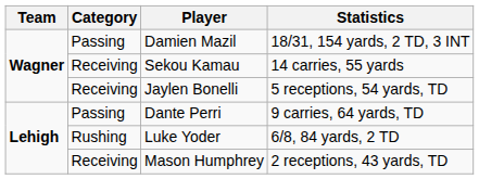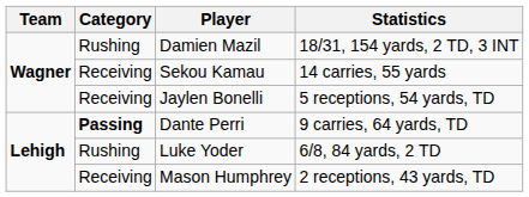 <table class="wikitable" style="float: right;">
 <tr>
 <th>Team</th>
 <th>Category</th>
 <th>Player</th>
 <th>Statistics</th>
 </tr>
 <tr>
 <td rowspan=3><strong>Wagner</strong></td>
-<td>Passing</td>
+<td>Rushing</td>
 <td>Damien Mazil</td>
 <td>18/31, 154 yards, 2 TD, 3 INT</td>
 </tr>
 <tr>
 <td>Receiving</td>
 <td>Sekou Kamau</td>
 <td>14 carries, 55 yards</td>
 </tr>
 <tr>
 <td>Receiving</td>
 <td>Jaylen Bonelli</td>
 <td>5 receptions, 54 yards, TD</td>
 </tr>
 <tr>
 <td rowspan=3><strong>Lehigh</strong></td>
-<td>Passing</td>
+<td><strong>Passing</strong></td>
 <td>Dante Perri</td>
 <td>9 carries, 64 yards, TD</td>
 </tr>
 <tr>
 <td>Rushing</td>
 <td>Luke Yoder</td>
 <td>6/8, 84 yards, 2 TD</td>
 </tr>
 <tr>
 <td>Receiving</td>
 <td>Mason Humphrey</td>
 <td>2 receptions, 43 yards, TD</td>
 </tr>
 </table>
